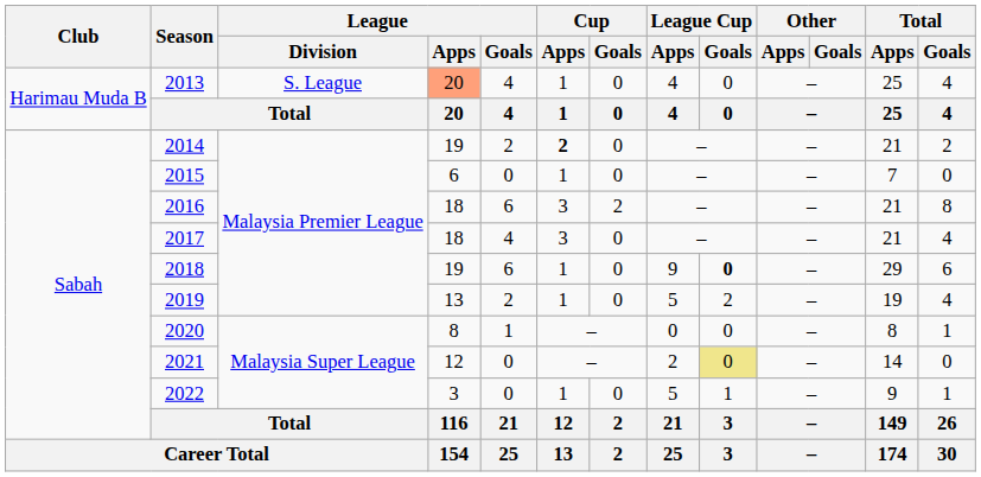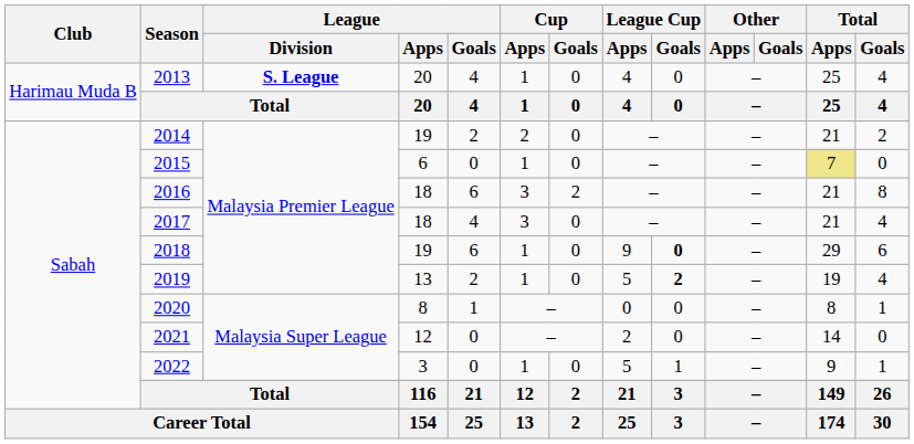 <table class=wikitable style="text-align:center">
 <tr>
 <th rowspan=2>Club</th>
 <th rowspan=2>Season</th>
 <th colspan=3>League</th>
 <th colspan=2>Cup</th>
 <th colspan=2>League Cup</th>
 <th colspan=2>Other</th>
 <th colspan=2>Total</th>
 </tr>
 <tr>
 <th>Division</th>
 <th>Apps</th>
 <th>Goals</th>
 <th>Apps</th>
 <th>Goals</th>
 <th>Apps</th>
 <th>Goals</th>
 <th>Apps</th>
 <th>Goals</th>
 <th>Apps</th>
 <th>Goals</th>
 </tr>
 <tr>
 <td rowspan=2><a href='#'>Harimau Muda B</a></td>
 <td><a href='#'>2013</a></td>
-<td><a href='#'>S. League</a></td>
-<td style="background: lightsalmon;">20</td>
+<td><strong><a href='#'>S. League</a></strong></td>
+<td>20</td>
 <td>4</td>
 <td>1</td>
 <td>0</td>
 <td>4</td>
 <td>0</td>
 <td colspan=2>–</td>
 <td>25</td>
 <td>4</td>
 </tr>
 <tr>
 <th colspan="2">Total</th>
 <th>20</th>
 <th>4</th>
 <th>1</th>
 <th>0</th>
 <th>4</th>
 <th>0</th>
 <th colspan=2>–</th>
 <th>25</th>
 <th>4</th>
 </tr>
 <tr>
 <td rowspan=10><a href='#'>Sabah</a></td>
 <td><a href='#'>2014</a></td>
 <td rowspan=6><a href='#'>Malaysia Premier League</a></td>
 <td>19</td>
 <td>2</td>
-<td><strong>2</strong></td>
+<td>2</td>
 <td>0</td>
 <td colspan=2>–</td>
 <td colspan=2>–</td>
 <td>21</td>
 <td>2</td>
 </tr>
 <tr>
 <td><a href='#'>2015</a></td>
 <td>6</td>
 <td>0</td>
 <td>1</td>
 <td>0</td>
 <td colspan=2>–</td>
 <td colspan=2>–</td>
-<td>7</td>
+<td style="background: khaki;">7</td>
 <td>0</td>
 </tr>
 <tr>
 <td><a href='#'>2016</a></td>
 <td>18</td>
 <td>6</td>
 <td>3</td>
 <td>2</td>
 <td colspan=2>–</td>
 <td colspan=2>–</td>
 <td>21</td>
 <td>8</td>
 </tr>
 <tr>
 <td><a href='#'>2017</a></td>
 <td>18</td>
 <td>4</td>
 <td>3</td>
 <td>0</td>
 <td colspan=2>–</td>
 <td colspan=2>–</td>
 <td>21</td>
 <td>4</td>
 </tr>
 <tr>
 <td><a href='#'>2018</a></td>
 <td>19</td>
 <td>6</td>
 <td>1</td>
 <td>0</td>
 <td>9</td>
 <td><strong>0</strong></td>
 <td colspan=2>–</td>
 <td>29</td>
 <td>6</td>
 </tr>
 <tr>
 <td><a href='#'>2019</a></td>
 <td>13</td>
 <td>2</td>
 <td>1</td>
 <td>0</td>
 <td>5</td>
-<td>2</td>
+<td><strong>2</strong></td>
 <td colspan=2>–</td>
 <td>19</td>
 <td>4</td>
 </tr>
 <tr>
 <td><a href='#'>2020</a></td>
 <td rowspan=3><a href='#'>Malaysia Super League</a></td>
 <td>8</td>
 <td>1</td>
 <td colspan=2>–</td>
 <td>0</td>
 <td>0</td>
 <td colspan=2>–</td>
 <td>8</td>
 <td>1</td>
 </tr>
 <tr>
 <td><a href='#'>2021</a></td>
 <td>12</td>
 <td>0</td>
 <td colspan=2>–</td>
 <td>2</td>
-<td style="background: khaki;">0</td>
+<td>0</td>
 <td colspan=2>–</td>
 <td>14</td>
 <td>0</td>
 </tr>
 <tr>
 <td><a href='#'>2022</a></td>
 <td>3</td>
 <td>0</td>
 <td>1</td>
 <td>0</td>
 <td>5</td>
 <td>1</td>
 <td colspan=2>–</td>
 <td>9</td>
 <td>1</td>
 </tr>
 <tr>
 <th colspan="2">Total</th>
 <th>116</th>
 <th>21</th>
 <th>12</th>
 <th>2</th>
 <th>21</th>
 <th>3</th>
 <th colspan=2>–</th>
 <th>149</th>
 <th>26</th>
 </tr>
 <tr>
 <th colspan="3">Career Total</th>
 <th>154</th>
 <th>25</th>
 <th>13</th>
 <th>2</th>
 <th>25</th>
 <th>3</th>
 <th colspan=2>–</th>
 <th>174</th>
 <th>30</th>
 </tr>
 </table>
